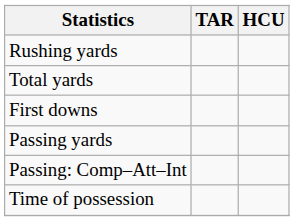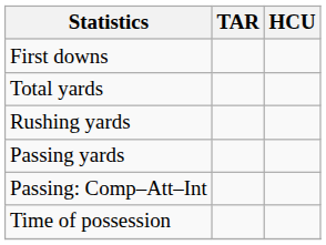 <table class="wikitable" style="float: left;">
 <tr>
 <th>Statistics</th>
 <th>TAR</th>
 <th>HCU</th>
 </tr>
 <tr>
-<td>Rushing yards</td>
+<td>First downs</td>
 <td></td>
 <td></td>
 </tr>
 <tr>
 <td>Total yards</td>
 <td></td>
 <td></td>
 </tr>
 <tr>
-<td>First downs</td>
+<td>Rushing yards</td>
 <td></td>
 <td></td>
 </tr>
 <tr>
 <td>Passing yards</td>
 <td></td>
 <td></td>
 </tr>
 <tr>
 <td>Passing: Comp–Att–Int</td>
 <td></td>
 <td></td>
 </tr>
 <tr>
 <td>Time of possession</td>
 <td></td>
 <td></td>
 </tr>
 <tr>
 </tr>
 </table>
